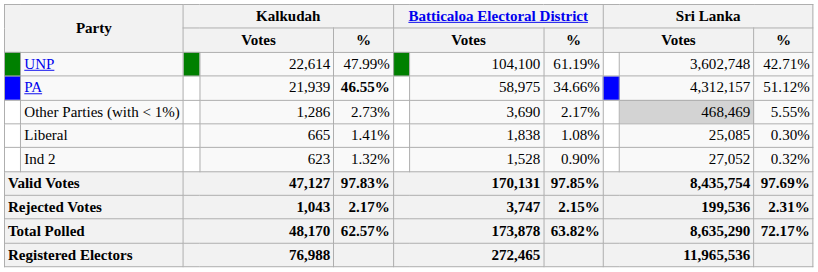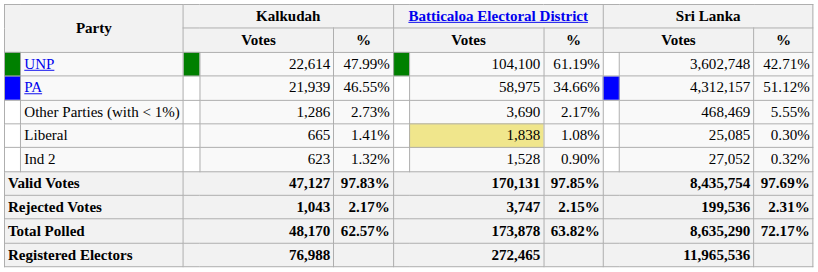 <table class="wikitable">
 <tr>
 <th colspan="2" width="144px"rowspan="2">Party</th>
 <th colspan="3" width="216px">Kalkudah</th>
 <th colspan="3" width="216px"><a href='#'>Batticaloa Electoral District</a></th>
 <th colspan="3" width="216px">Sri Lanka</th>
 </tr>
 <tr>
 <th colspan="2" width="144px">Votes</th>
 <th>%</th>
 <th colspan="2" width="144px">Votes</th>
 <th>%</th>
 <th colspan="2" width="144px">Votes</th>
 <th>%</th>
 </tr>
 <tr>
 <td style="background-color:green;" width="10px"></td>
 <td style="text-align:left;"><a href='#'>UNP</a></td>
 <td style="background-color:green;" width="10px"></td>
 <td style="text-align:right;">22,614</td>
 <td style="text-align:right;">47.99%</td>
 <td style="background-color:green;" width="10px"></td>
 <td style="text-align:right;">104,100</td>
 <td style="text-align:right;">61.19%</td>
 <td style="background-color:white;" width="10px"></td>
 <td style="text-align:right;">3,602,748</td>
 <td style="text-align:right;">42.71%</td>
 </tr>
 <tr>
 <td style="background-color:blue;" width="10px"></td>
 <td style="text-align:left;"><a href='#'>PA</a></td>
 <td style="background-color:white;" width="10px"></td>
 <td style="text-align:right;">21,939</td>
-<td style="text-align:right;"><strong>46.55%</strong></td>
+<td style="text-align:right;">46.55%</td>
 <td style="background-color:white;" width="10px"></td>
 <td style="text-align:right;">58,975</td>
 <td style="text-align:right;">34.66%</td>
 <td style="background-color:blue;" width="10px"></td>
 <td style="text-align:right;">4,312,157</td>
 <td style="text-align:right;">51.12%</td>
 </tr>
 <tr>
 <td style="background-color:white;" width="10px"></td>
 <td style="text-align:left;">Other Parties (with < 1%)</td>
 <td style="background-color:white;" width="10px"></td>
 <td style="text-align:right;">1,286</td>
 <td style="text-align:right;">2.73%</td>
 <td style="background-color:white;" width="10px"></td>
 <td style="text-align:right;">3,690</td>
 <td style="text-align:right;">2.17%</td>
 <td style="background-color:white;" width="10px"></td>
-<td style="background: lightgrey; text-align:right;">468,469</td>
+<td style="text-align:right;">468,469</td>
 <td style="text-align:right;">5.55%</td>
 </tr>
 <tr>
 <td style="background-color:white;" width="10px"></td>
 <td style="text-align:left;">Liberal</td>
 <td style="background-color:white;" width="10px"></td>
 <td style="text-align:right;">665</td>
 <td style="text-align:right;">1.41%</td>
 <td style="background-color:white;" width="10px"></td>
-<td style="text-align:right;">1,838</td>
+<td style="background: khaki; text-align:right;">1,838</td>
 <td style="text-align:right;">1.08%</td>
 <td style="background-color:white;" width="10px"></td>
 <td style="text-align:right;">25,085</td>
 <td style="text-align:right;">0.30%</td>
 </tr>
 <tr>
 <td style="background-color:white;" width="10px"></td>
 <td style="text-align:left;">Ind 2</td>
 <td style="background-color:white;" width="10px"></td>
 <td style="text-align:right;">623</td>
 <td style="text-align:right;">1.32%</td>
 <td style="background-color:white;" width="10px"></td>
 <td style="text-align:right;">1,528</td>
 <td style="text-align:right;">0.90%</td>
 <td style="background-color:white;" width="10px"></td>
 <td style="text-align:right;">27,052</td>
 <td style="text-align:right;">0.32%</td>
 </tr>
 <tr>
 <th colspan="2" width="144px"style="text-align:left;">Valid Votes</th>
 <th style="text-align:right;"colspan="2" width="144px">47,127</th>
 <th style="text-align:right;">97.83%</th>
 <th style="text-align:right;"colspan="2" width="144px">170,131</th>
 <th style="text-align:right;">97.85%</th>
 <th style="text-align:right;"colspan="2" width="144px">8,435,754</th>
 <th style="text-align:right;">97.69%</th>
 </tr>
 <tr>
 <th colspan="2" width="144px"style="text-align:left;">Rejected Votes</th>
 <th style="text-align:right;"colspan="2" width="144px">1,043</th>
 <th style="text-align:right;">2.17%</th>
 <th style="text-align:right;"colspan="2" width="144px">3,747</th>
 <th style="text-align:right;">2.15%</th>
 <th style="text-align:right;"colspan="2" width="144px">199,536</th>
 <th style="text-align:right;">2.31%</th>
 </tr>
 <tr>
 <th colspan="2" width="144px"style="text-align:left;">Total Polled</th>
 <th style="text-align:right;"colspan="2" width="144px">48,170</th>
 <th style="text-align:right;">62.57%</th>
 <th style="text-align:right;"colspan="2" width="144px">173,878</th>
 <th style="text-align:right;">63.82%</th>
 <th style="text-align:right;"colspan="2" width="144px">8,635,290</th>
 <th style="text-align:right;">72.17%</th>
 </tr>
 <tr>
 <th colspan="2" width="144px"style="text-align:left;">Registered Electors</th>
 <th style="text-align:right;"colspan="2" width="144px">76,988</th>
 <th></th>
 <th style="text-align:right;"colspan="2" width="144px">272,465</th>
 <th></th>
 <th style="text-align:right;"colspan="2" width="144px">11,965,536</th>
 <th></th>
 </tr>
 </table>
